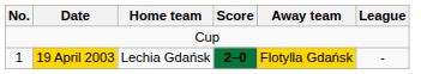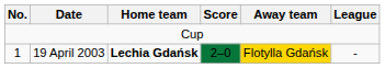 <table class="wikitable" style="text-align: center">
 <tr>
 <th>No.</th>
 <th>Date</th>
 <th>Home team</th>
 <th>Score</th>
 <th>Away team</th>
 <th>League</th>
 </tr>
 <tr>
 <td colspan=6>Cup</td>
 </tr>
 <tr>
 <td>1</td>
-<td style="background: gold;">19 April 2003</td>
-<td>Lechia Gdańsk</td>
-<td bgcolor=#07763a><strong><span>2–0</span></strong></td>
+<td>19 April 2003</td>
+<td><strong>Lechia Gdańsk</strong></td>
+<td bgcolor=#07763a><span>2–0</span></td>
 <td style="background: gold;">Flotylla Gdańsk</td>
 <td>-</td>
 </tr>
 </table>
